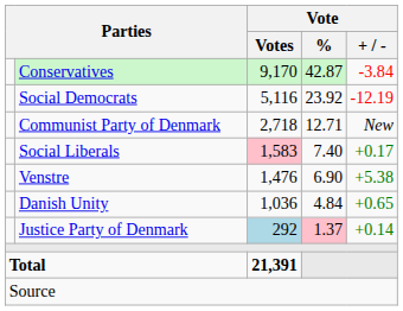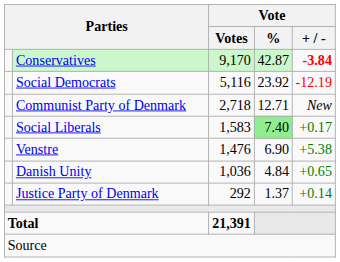 <table class="wikitable" style="text-align:right;">
 <tr>
 <th style="text-align:centre;" rowspan="2" colspan="2" width="225">Parties</th>
 <th colspan="3">Vote</th>
 </tr>
 <tr>
 <th width="15">Votes</th>
 <th width="15">%</th>
 <th width="15">+ / -</th>
 </tr>
 <tr>
 <td width="2" style="color:inherit;background:"></td>
 <td bgcolor=#ccf7cc  align="left"><a href='#'>Conservatives</a></td>
 <td bgcolor=#ccf7cc>9,170</td>
 <td bgcolor=#ccf7cc>42.87</td>
-<td style=color:red;>-3.84</td>
+<td style=color:red;><strong>-3.84</strong></td>
 </tr>
 <tr>
 <td width="2" style="color:inherit;background:"></td>
 <td align="left"><a href='#'>Social Democrats</a></td>
 <td>5,116</td>
 <td>23.92</td>
 <td style=color:red;>-12.19</td>
 </tr>
 <tr>
 <td width="2" style="color:inherit;background:"></td>
 <td align="left"><a href='#'>Communist Party of Denmark</a></td>
 <td>2,718</td>
 <td>12.71</td>
 <td><em>New</em></td>
 </tr>
 <tr>
 <td width="2" style="color:inherit;background:"></td>
 <td align="left"><a href='#'>Social Liberals</a></td>
-<td style="background: pink;">1,583</td>
-<td>7.40</td>
+<td>1,583</td>
+<td style="background: lightgreen;">7.40</td>
 <td style=color:green;>+0.17</td>
 </tr>
 <tr>
 <td width="2" style="color:inherit;background:"></td>
 <td align="left"><a href='#'>Venstre</a></td>
 <td>1,476</td>
 <td>6.90</td>
 <td style=color:green;>+5.38</td>
 </tr>
 <tr>
 <td width="2" style="color:inherit;background:"></td>
 <td align="left"><a href='#'>Danish Unity</a></td>
 <td>1,036</td>
 <td>4.84</td>
 <td style=color:green;>+0.65</td>
 </tr>
 <tr>
 <td width="2" style="color:inherit;background:"></td>
 <td align="left"><a href='#'>Justice Party of Denmark</a></td>
-<td style="background: lightblue;">292</td>
-<td style="background: pink;">1.37</td>
+<td>292</td>
+<td>1.37</td>
 <td style=color:green;>+0.14</td>
 </tr>
 <tr>
 <td colspan="7" bgcolor="#E9E9E9"></td>
 </tr>
 <tr>
 <td align="left" colspan="2"><strong>Total</strong></td>
 <td><strong>21,391</strong></td>
 <td bgcolor="#E9E9E9" colspan="2"></td>
 </tr>
 <tr>
 <td align="left" colspan="6">Source</td>
 </tr>
 </table>
